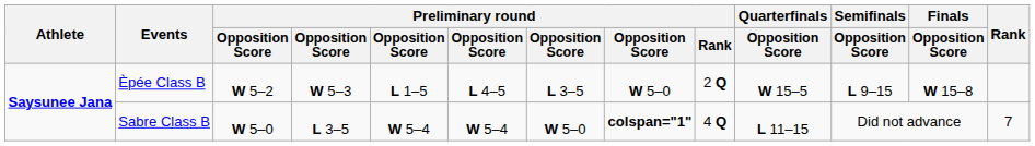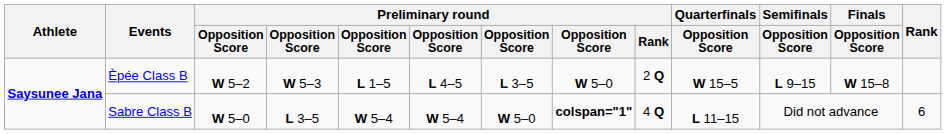 <table class=wikitable style=font-size:90%>
 <tr>
 <th rowspan="2">Athlete</th>
 <th rowspan="2">Events</th>
 <th colspan="7">Preliminary round</th>
 <th>Quarterfinals</th>
 <th>Semifinals</th>
 <th>Finals</th>
 <th rowspan="2">Rank</th>
 </tr>
 <tr style=font-size:95%>
 <th>Opposition<br>Score</th>
 <th>Opposition<br>Score</th>
 <th>Opposition<br>Score</th>
 <th>Opposition<br>Score</th>
 <th>Opposition<br>Score</th>
 <th>Opposition<br>Score</th>
 <th>Rank</th>
 <th>Opposition<br>Score</th>
 <th>Opposition<br>Score</th>
 <th>Opposition<br>Score</th>
 </tr>
 <tr align=center>
 <td rowspan="2" align=left><strong><a href='#'>Saysunee Jana</a></strong></td>
 <td align=left><a href='#'>Èpée Class B</a></td>
 <td><br><strong>W</strong> 5–2</td>
 <td><br><strong>W</strong> 5–3</td>
 <td><br><strong>L</strong> 1–5</td>
 <td><br><strong>L</strong> 4–5</td>
 <td><br><strong>L</strong> 3–5</td>
 <td><br><strong>W</strong> 5–0</td>
 <td>2 <strong>Q</strong></td>
 <td><br><strong>W</strong> 15–5</td>
 <td><br><strong>L</strong> 9–15</td>
 <td><br><strong>W</strong> 15–8</td>
 <td></td>
 </tr>
 <tr align=center>
 <td align=left><a href='#'>Sabre Class B</a></td>
 <td><br><strong>W</strong> 5–0</td>
 <td><br><strong>L</strong> 3–5</td>
 <td><br><strong>W</strong> 5–4</td>
 <td><br><strong>W</strong> 5–4</td>
 <td><br><strong>W</strong> 5–0</td>
 <td><strong>colspan="1" </strong></td>
 <td>4 <strong>Q</strong></td>
 <td><br><strong>L</strong> 11–15</td>
 <td colspan=2>Did not advance</td>
-<td>7</td>
+<td>6</td>
 </tr>
 </table>
